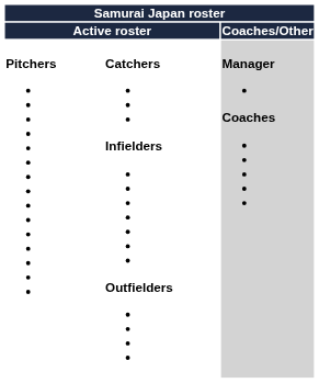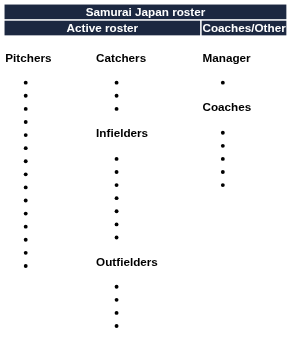 <table class="toccolours" style="font-size: 95%;">
 <tr>
 <th colspan="10" style="background-color: #1c2841; color: #FFFFFF; text-align: center;">Samurai Japan roster</th>
 </tr>
 <tr>
 <td colspan="4" style="background-color: #1c2841; color: #FFFFFF; text-align: center;"><strong>Active roster</strong></td>
 <td colspan="1" style="background-color: #1c2841; color: #FFFFFF; text-align: center;"><strong>Coaches/Other</strong></td>
 </tr>
 <tr>
 <td style="vertical-align:top;"><br><strong>Pitchers</strong><br><ul><li></li><li></li><li></li><li></li><li></li><li></li><li></li><li></li><li></li><li></li><li></li><li></li><li></li><li></li><li></li></ul></td>
 <td width="50px"> </td>
 <td style="vertical-align:top;"><br><strong>Catchers</strong><br><ul><li></li><li></li><li></li></ul><strong>Infielders</strong><br><ul><li></li><li></li><li></li><li></li><li></li><li></li><li></li></ul><strong>Outfielders</strong><br><ul><li></li><li></li><li></li><li></li></ul></td>
 <td width="50"> </td>
-<td style="background: lightgrey; vertical-align:top;"><br><strong>Manager</strong><br><ul><li></li></ul><strong>Coaches</strong><br><ul><li></li><li></li><li></li><li></li><li></li></ul></td>
+<td style="vertical-align:top;"><br><strong>Manager</strong><br><ul><li></li></ul><strong>Coaches</strong><br><ul><li></li><li></li><li></li><li></li><li></li></ul></td>
 </tr>
 </table>
